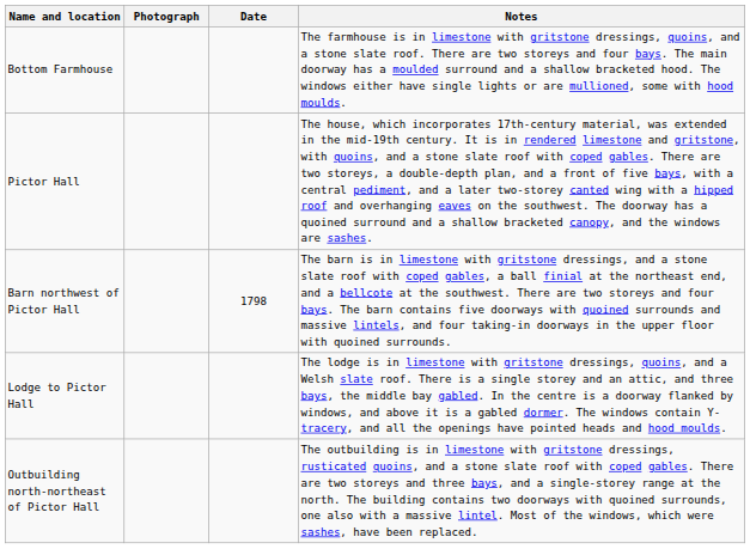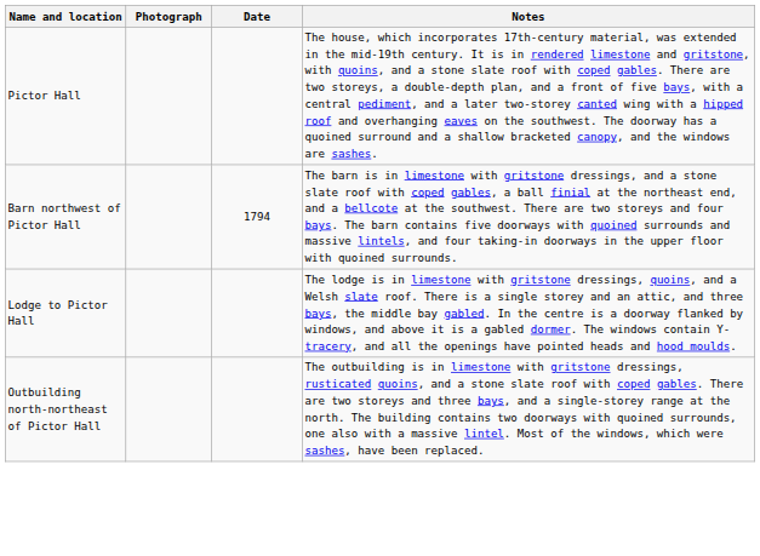 <table class="wikitable sortable plainrowheaders" style="width:100%;border:0px;text-align:left;line-height:150%;">
 <tr>
 <th scope="col"  style="width:150px">Name and location</th>
 <th scope="col"  style="width:100px" class="unsortable">Photograph</th>
 <th scope="col"  style="width:120px">Date</th>
 <th scope="col"  style="width:650px" class="unsortable">Notes</th>
-</tr>
-<tr>
-<td>Bottom Farmhouse<br><small></small></td>
-<td></td>
-<td align="center"></td>
-<td>The farmhouse is in <a href='#'>limestone</a> with <a href='#'>gritstone</a> dressings, <a href='#'>quoins</a>, and a stone slate roof.  There are two storeys and four <a href='#'>bays</a>.  The main doorway has a <a href='#'>moulded</a> surround and a shallow bracketed hood.  The windows either have single lights or are <a href='#'>mullioned</a>, some with <a href='#'>hood moulds</a>.</td>
 </tr>
 <tr>
 <td>Pictor Hall<br><small></small></td>
 <td></td>
 <td align="center"></td>
 <td>The house, which incorporates 17th-century material, was extended in the mid-19th century.  It is in <a href='#'>rendered</a> <a href='#'>limestone</a> and <a href='#'>gritstone</a>, with <a href='#'>quoins</a>, and a stone slate roof with <a href='#'>coped</a> <a href='#'>gables</a>.  There are two storeys, a double-depth plan, and a front of five <a href='#'>bays</a>, with a central <a href='#'>pediment</a>, and a later two-storey <a href='#'>canted</a> wing with a <a href='#'>hipped roof</a> and overhanging <a href='#'>eaves</a> on the southwest.  The doorway has a quoined surround and a shallow bracketed <a href='#'>canopy</a>, and the windows are <a href='#'>sashes</a>.</td>
 </tr>
 <tr>
 <td>Barn northwest of Pictor Hall<br><small></small></td>
 <td></td>
-<td align="center">1798</td>
+<td align="center">1794</td>
 <td>The barn is in <a href='#'>limestone</a> with <a href='#'>gritstone</a> dressings, and a stone slate roof with <a href='#'>coped</a> <a href='#'>gables</a>, a ball <a href='#'>finial</a> at the northeast end, and a <a href='#'>bellcote</a> at the southwest.  There are two storeys and four <a href='#'>bays</a>.  The barn contains five doorways with <a href='#'>quoined</a> surrounds and massive <a href='#'>lintels</a>, and four taking-in doorways in the upper floor with quoined surrounds.</td>
 </tr>
 <tr>
 <td>Lodge to Pictor Hall<br><small></small></td>
 <td></td>
 <td align="center"></td>
 <td>The lodge is in <a href='#'>limestone</a> with <a href='#'>gritstone</a> dressings, <a href='#'>quoins</a>, and a Welsh <a href='#'>slate</a> roof.  There is a single storey and an attic, and three <a href='#'>bays</a>, the middle bay <a href='#'>gabled</a>.  In the centre is a doorway flanked by windows, and above it is a gabled <a href='#'>dormer</a>.  The windows contain Y-<a href='#'>tracery</a>, and all the openings have pointed heads and <a href='#'>hood moulds</a>.</td>
 </tr>
 <tr>
 <td>Outbuilding north-northeast of Pictor Hall<br><small></small></td>
 <td></td>
 <td align="center"></td>
 <td>The outbuilding is in <a href='#'>limestone</a> with <a href='#'>gritstone</a> dressings, <a href='#'>rusticated</a> <a href='#'>quoins</a>, and a stone slate roof with <a href='#'>coped</a> <a href='#'>gables</a>.  There are two storeys and three <a href='#'>bays</a>, and a single-storey range at the north.  The building contains two doorways with quoined surrounds, one also with a massive <a href='#'>lintel</a>.  Most of the windows, which were <a href='#'>sashes</a>, have been replaced.</td>
 </tr>
 <tr>
 </tr>
 </table>
